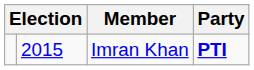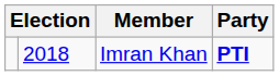 <table class="wikitable">
 <tr>
 <th colspan="2">Election</th>
 <th>Member</th>
 <th>Party</th>
 </tr>
 <tr>
 <td style="background-color: "></td>
-<td><a href='#'>2015</a></td>
+<td><a href='#'>2018</a></td>
 <td><a href='#'>Imran Khan</a></td>
 <td><strong><a href='#'>PTI</a></strong></td>
 </tr>
 </table>
